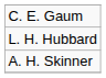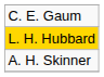 <table class="wikitable">
 <tr>
 </tr>
 <tr>
 <td>C. E. Gaum</td>
 </tr>
 <tr>
-<td>L. H. Hubbard</td>
+<td style="background: gold;">L. H. Hubbard</td>
 </tr>
 <tr>
 <td>A. H. Skinner</td>
 </tr>
 <tr>
 </tr>
 </table>
